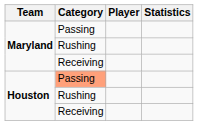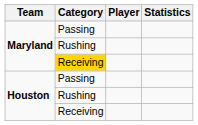 <table class="wikitable" style="float: right;">
 <tr>
 <th>Team</th>
 <th>Category</th>
 <th>Player</th>
 <th>Statistics</th>
 </tr>
 <tr>
 <td rowspan=3><strong>Maryland</strong></td>
 <td>Passing</td>
 <td></td>
 <td></td>
 </tr>
 <tr>
 <td>Rushing</td>
 <td></td>
 <td></td>
 </tr>
 <tr>
-<td>Receiving</td>
+<td style="background: gold;">Receiving</td>
 <td></td>
 <td></td>
 </tr>
 <tr>
 <td rowspan=3><strong>Houston</strong></td>
-<td style="background: lightsalmon;">Passing</td>
+<td>Passing</td>
 <td></td>
 <td></td>
 </tr>
 <tr>
 <td>Rushing</td>
 <td></td>
 <td></td>
 </tr>
 <tr>
 <td>Receiving</td>
 <td></td>
 <td></td>
 </tr>
 </table>
